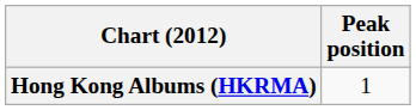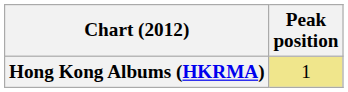 <table class="wikitable plainrowheaders" style="text-align:center">
 <tr>
 <th scope="col">Chart (2012)</th>
 <th scope="col">Peak<br>position</th>
 </tr>
 <tr>
 <th scope="row">Hong Kong Albums (<a href='#'>HKRMA</a>)</th>
-<td>1</td>
+<td style="background: khaki;">1</td>
 </tr>
 </table>
